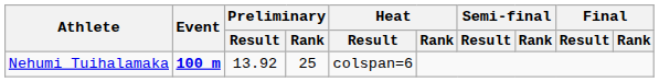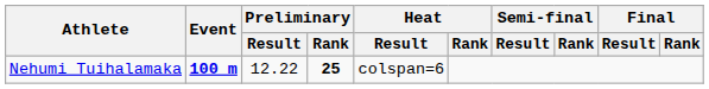 <table class=wikitable style=font-size:90%>
 <tr>
 <th rowspan=2>Athlete</th>
 <th rowspan=2>Event</th>
 <th colspan=2>Preliminary</th>
 <th colspan=2>Heat</th>
 <th colspan=2>Semi-final</th>
 <th colspan=2>Final</th>
 </tr>
 <tr style=font-size:95%>
 <th>Result</th>
 <th>Rank</th>
 <th>Result</th>
 <th>Rank</th>
 <th>Result</th>
 <th>Rank</th>
 <th>Result</th>
 <th>Rank</th>
 </tr>
 <tr align=center>
 <td align=left><a href='#'>Nehumi Tuihalamaka</a></td>
 <td align=left><strong><a href='#'>100 m</a></strong></td>
-<td>13.92</td>
-<td>25</td>
+<td>12.22</td>
+<td><strong>25</strong></td>
 <td>colspan=6 </td>
 </tr>
 </table>
